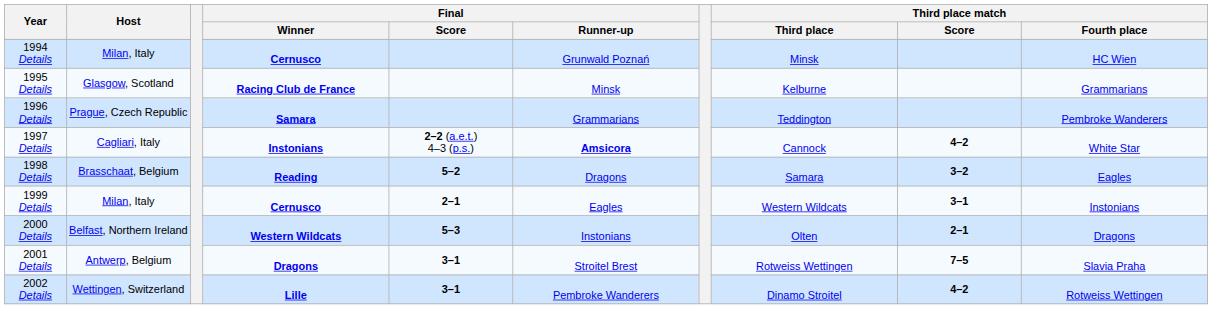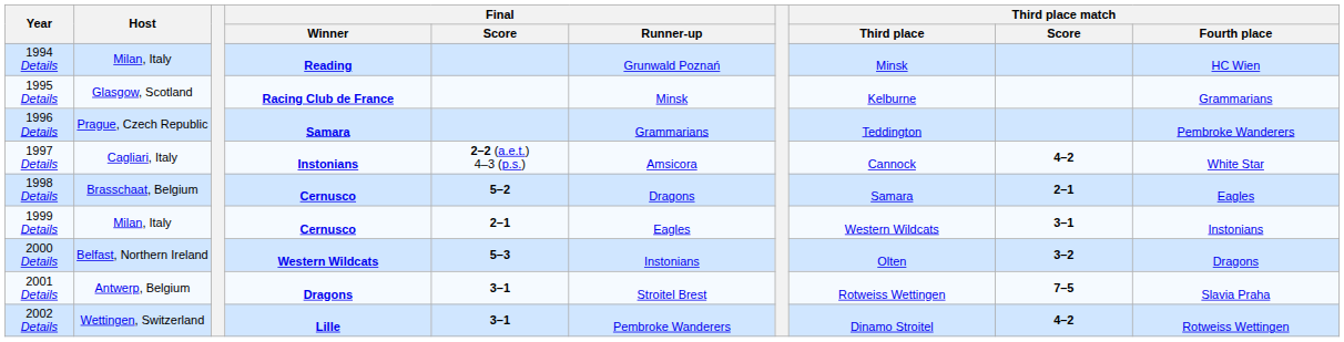 <table class="wikitable" style="text-align:center;width:100%; font-size:90%;">
 <tr>
 <th rowspan="2" style="width:5%;">Year</th>
 <th rowspan="2" style="width:10%;">Host</th>
 <th style="width:1%;" rowspan="11"></th>
 <th colspan=3>Final</th>
 <th style="width:1%;" rowspan="11"></th>
 <th colspan=3>Third place match</th>
 </tr>
 <tr>
 <th width=15%>Winner</th>
 <th width=10%>Score</th>
 <th width=15%>Runner-up</th>
 <th width=15%>Third place</th>
 <th width=10%>Score</th>
 <th width=15%>Fourth place</th>
 </tr>
 <tr style="background:#d0e6ff;">
 <td>1994<br><em><a href='#'>Details</a></em></td>
 <td><a href='#'>Milan</a>, Italy</td>
-<td><strong><br><a href='#'>Cernusco</a></strong></td>
+<td><strong><br><a href='#'>Reading</a></strong></td>
 <td></td>
 <td><br><a href='#'>Grunwald Poznań</a></td>
 <td><br><a href='#'>Minsk</a></td>
 <td></td>
 <td><br><a href='#'>HC Wien</a></td>
 </tr>
 <tr style="background:#f5faff;">
 <td>1995<br><em><a href='#'>Details</a></em></td>
 <td><a href='#'>Glasgow</a>, Scotland</td>
 <td><strong><br><a href='#'>Racing Club de France</a></strong></td>
 <td></td>
 <td><br><a href='#'>Minsk</a></td>
 <td><br><a href='#'>Kelburne</a></td>
 <td></td>
 <td><br><a href='#'>Grammarians</a></td>
 </tr>
 <tr style="background:#d0e6ff;">
 <td>1996<br><em><a href='#'>Details</a></em></td>
 <td><a href='#'>Prague</a>, Czech Republic</td>
 <td><strong><br><a href='#'>Samara</a></strong></td>
 <td></td>
 <td><br><a href='#'>Grammarians</a></td>
 <td><br><a href='#'>Teddington</a></td>
 <td></td>
 <td><br><a href='#'>Pembroke Wanderers</a></td>
 </tr>
 <tr style="background:#f5faff;">
 <td>1997<br><em><a href='#'>Details</a></em></td>
 <td><a href='#'>Cagliari</a>, Italy</td>
 <td><strong><br><a href='#'>Instonians</a></strong></td>
 <td><strong>2–2</strong> (<a href='#'>a.e.t.</a>)<br>4–3 (<a href='#'>p.s.</a>)</td>
-<td><strong><br><a href='#'>Amsicora</a></strong></td>
+<td><br><a href='#'>Amsicora</a></td>
 <td><br><a href='#'>Cannock</a></td>
 <td><strong>4–2</strong></td>
 <td><br><a href='#'>White Star</a></td>
 </tr>
 <tr style="background:#d0e6ff;">
 <td>1998<br><em><a href='#'>Details</a></em></td>
 <td><a href='#'>Brasschaat</a>, Belgium</td>
-<td><strong><br><a href='#'>Reading</a></strong></td>
+<td><strong><br><a href='#'>Cernusco</a></strong></td>
 <td><strong>5–2</strong></td>
 <td><br><a href='#'>Dragons</a></td>
 <td><br><a href='#'>Samara</a></td>
-<td><strong>3–2</strong></td>
+<td><strong>2–1</strong></td>
 <td><br><a href='#'>Eagles</a></td>
 </tr>
 <tr style="background:#f5faff;">
 <td>1999<br><em><a href='#'>Details</a></em></td>
 <td><a href='#'>Milan</a>, Italy</td>
 <td><strong><br><a href='#'>Cernusco</a></strong></td>
 <td><strong>2–1</strong></td>
 <td><br><a href='#'>Eagles</a></td>
 <td><br><a href='#'>Western Wildcats</a></td>
 <td><strong>3–1</strong></td>
 <td><br><a href='#'>Instonians</a></td>
 </tr>
 <tr style="background:#d0e6ff;">
 <td>2000<br><em><a href='#'>Details</a></em></td>
 <td><a href='#'>Belfast</a>, Northern Ireland</td>
 <td><strong><br><a href='#'>Western Wildcats</a></strong></td>
 <td><strong>5–3</strong></td>
 <td><br><a href='#'>Instonians</a></td>
 <td><br><a href='#'>Olten</a></td>
-<td><strong>2–1</strong></td>
+<td><strong>3–2</strong></td>
 <td><br><a href='#'>Dragons</a></td>
 </tr>
 <tr style="background:#f5faff;">
 <td>2001<br><em><a href='#'>Details</a></em></td>
 <td><a href='#'>Antwerp</a>, Belgium</td>
 <td><strong><br><a href='#'>Dragons</a></strong></td>
 <td><strong>3–1</strong></td>
 <td><br><a href='#'>Stroitel Brest</a></td>
 <td><br><a href='#'>Rotweiss Wettingen</a></td>
 <td><strong>7–5</strong></td>
 <td><br><a href='#'>Slavia Praha</a></td>
 </tr>
 <tr style="background:#d0e6ff;">
 <td>2002<br><em><a href='#'>Details</a></em></td>
 <td><a href='#'>Wettingen</a>, Switzerland</td>
 <td><strong><br><a href='#'>Lille</a></strong></td>
 <td><strong>3–1</strong></td>
 <td><br><a href='#'>Pembroke Wanderers</a></td>
 <td><br><a href='#'>Dinamo Stroitel</a></td>
 <td><strong>4–2</strong></td>
 <td><br><a href='#'>Rotweiss Wettingen</a></td>
 </tr>
 </table>
